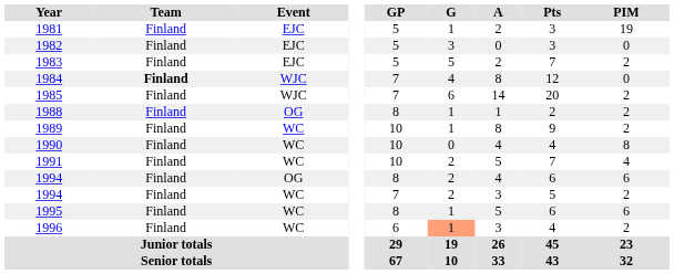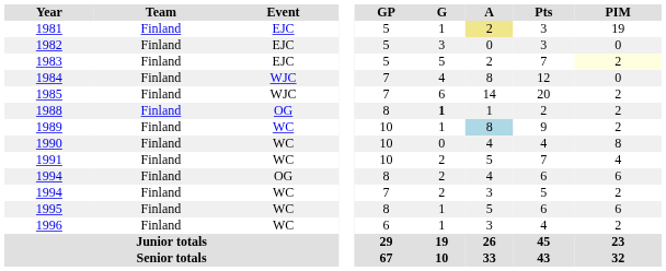 <table border="0" cellpadding="1" cellspacing="0" style="text-align:center; width:50em">
 <tr ALIGN="center" bgcolor="#e0e0e0">
 <th>Year</th>
 <th>Team</th>
 <th>Event</th>
 <th rowspan="99" bgcolor="#ffffff"> </th>
 <th>GP</th>
 <th>G</th>
 <th>A</th>
 <th>Pts</th>
 <th>PIM</th>
 </tr>
 <tr>
 <td><a href='#'>1981</a></td>
 <td><a href='#'>Finland</a></td>
 <td><a href='#'>EJC</a></td>
 <td>5</td>
 <td>1</td>
-<td>2</td>
+<td style="background: khaki;">2</td>
 <td>3</td>
 <td>19</td>
 </tr>
 <tr bgcolor="#f0f0f0">
 <td><a href='#'>1982</a></td>
 <td>Finland</td>
 <td>EJC</td>
 <td>5</td>
 <td>3</td>
 <td>0</td>
 <td>3</td>
 <td>0</td>
 </tr>
 <tr>
 <td><a href='#'>1983</a></td>
 <td>Finland</td>
 <td>EJC</td>
 <td>5</td>
 <td>5</td>
 <td>2</td>
 <td>7</td>
-<td>2</td>
+<td style="background: lightyellow;">2</td>
 </tr>
 <tr bgcolor="#f0f0f0">
 <td><a href='#'>1984</a></td>
-<td><strong>Finland</strong></td>
+<td>Finland</td>
 <td><a href='#'>WJC</a></td>
 <td>7</td>
 <td>4</td>
 <td>8</td>
 <td>12</td>
 <td>0</td>
 </tr>
 <tr>
 <td><a href='#'>1985</a></td>
 <td>Finland</td>
 <td>WJC</td>
 <td>7</td>
 <td>6</td>
 <td>14</td>
 <td>20</td>
 <td>2</td>
 </tr>
 <tr bgcolor="#f0f0f0">
 <td><a href='#'>1988</a></td>
 <td><a href='#'>Finland</a></td>
 <td><a href='#'>OG</a></td>
 <td>8</td>
-<td>1</td>
+<td><strong>1</strong></td>
 <td>1</td>
 <td>2</td>
 <td>2</td>
 </tr>
 <tr>
 <td><a href='#'>1989</a></td>
 <td>Finland</td>
 <td><a href='#'>WC</a></td>
 <td>10</td>
 <td>1</td>
-<td>8</td>
+<td style="background: lightblue;">8</td>
 <td>9</td>
 <td>2</td>
 </tr>
 <tr bgcolor="#f0f0f0">
 <td><a href='#'>1990</a></td>
 <td>Finland</td>
 <td>WC</td>
 <td>10</td>
 <td>0</td>
 <td>4</td>
 <td>4</td>
 <td>8</td>
 </tr>
 <tr>
 <td><a href='#'>1991</a></td>
 <td>Finland</td>
 <td>WC</td>
 <td>10</td>
 <td>2</td>
 <td>5</td>
 <td>7</td>
 <td>4</td>
 </tr>
 <tr bgcolor="#f0f0f0">
 <td><a href='#'>1994</a></td>
 <td>Finland</td>
 <td>OG</td>
 <td>8</td>
 <td>2</td>
 <td>4</td>
 <td>6</td>
 <td>6</td>
 </tr>
 <tr>
 <td><a href='#'>1994</a></td>
 <td>Finland</td>
 <td>WC</td>
 <td>7</td>
 <td>2</td>
 <td>3</td>
 <td>5</td>
 <td>2</td>
 </tr>
 <tr bgcolor="#f0f0f0">
 <td><a href='#'>1995</a></td>
 <td>Finland</td>
 <td>WC</td>
 <td>8</td>
 <td>1</td>
 <td>5</td>
 <td>6</td>
 <td>6</td>
 </tr>
 <tr>
 <td><a href='#'>1996</a></td>
 <td>Finland</td>
 <td>WC</td>
 <td>6</td>
-<td style="background: lightsalmon;">1</td>
+<td>1</td>
 <td>3</td>
 <td>4</td>
 <td>2</td>
 </tr>
 <tr bgcolor="#e0e0e0">
 <th colspan=3>Junior totals</th>
 <th>29</th>
 <th>19</th>
 <th>26</th>
 <th>45</th>
 <th>23</th>
 </tr>
 <tr bgcolor="#e0e0e0">
 <th colspan=3>Senior totals</th>
 <th>67</th>
 <th>10</th>
 <th>33</th>
 <th>43</th>
 <th>32</th>
 </tr>
 </table>
